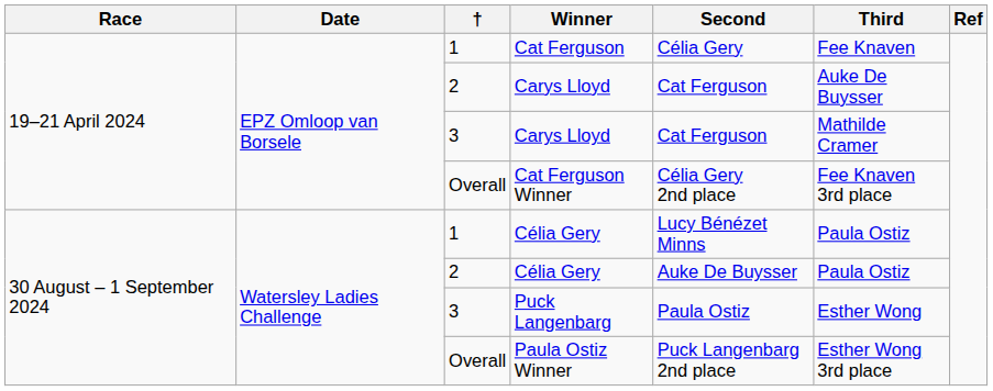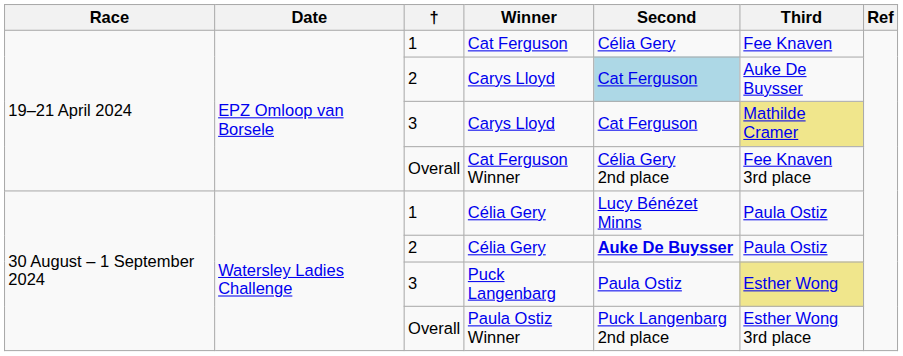 <table class="wikitable sortable">
 <tr>
 <th>Race</th>
 <th>Date</th>
 <th> †</th>
 <th>Winner</th>
 <th>Second</th>
 <th>Third</th>
 <th>Ref</th>
 </tr>
 <tr>
 <td rowspan=4>19–21 April 2024</td>
 <td rowspan=4><br><a href='#'>EPZ Omloop van Borsele</a></td>
 <td bgcolor=>1</td>
 <td> <a href='#'>Cat Ferguson</a></td>
 <td> <a href='#'>Célia Gery</a></td>
 <td> <a href='#'>Fee Knaven</a></td>
 </tr>
 <tr>
 <td bgcolor=>2</td>
 <td> <a href='#'>Carys Lloyd</a></td>
-<td> <a href='#'>Cat Ferguson</a></td>
+<td style="background: lightblue;"> <a href='#'>Cat Ferguson</a></td>
 <td> <a href='#'>Auke De Buysser</a></td>
 </tr>
 <tr>
 <td bgcolor=>3</td>
 <td> <a href='#'>Carys Lloyd</a></td>
 <td> <a href='#'>Cat Ferguson</a></td>
-<td> <a href='#'>Mathilde Cramer</a></td>
+<td style="background: khaki;"> <a href='#'>Mathilde Cramer</a></td>
 </tr>
 <tr>
 <td bgcolor=>Overall</td>
 <td> <a href='#'>Cat Ferguson</a><br>Winner</td>
 <td> <a href='#'>Célia Gery</a><br>2nd place</td>
 <td> <a href='#'>Fee Knaven</a><br>3rd place</td>
 </tr>
 <tr>
 <td rowspan=4>30 August – 1 September 2024</td>
 <td rowspan=4><br><a href='#'>Watersley Ladies Challenge</a></td>
 <td bgcolor=>1</td>
 <td> <a href='#'>Célia Gery</a></td>
 <td> <a href='#'>Lucy Bénézet Minns</a></td>
 <td> <a href='#'>Paula Ostiz</a></td>
 </tr>
 <tr>
 <td bgcolor=>2</td>
 <td> <a href='#'>Célia Gery</a></td>
-<td> <a href='#'>Auke De Buysser</a></td>
+<td><strong> <a href='#'>Auke De Buysser</a></strong></td>
 <td> <a href='#'>Paula Ostiz</a></td>
 </tr>
 <tr>
 <td bgcolor=>3</td>
 <td> <a href='#'>Puck Langenbarg</a></td>
 <td> <a href='#'>Paula Ostiz</a></td>
-<td> <a href='#'>Esther Wong</a></td>
+<td style="background: khaki;"> <a href='#'>Esther Wong</a></td>
 </tr>
 <tr>
 <td bgcolor=>Overall</td>
 <td> <a href='#'>Paula Ostiz</a><br>Winner</td>
 <td> <a href='#'>Puck Langenbarg</a><br>2nd place</td>
 <td> <a href='#'>Esther Wong</a><br>3rd place</td>
 </tr>
 </table>
